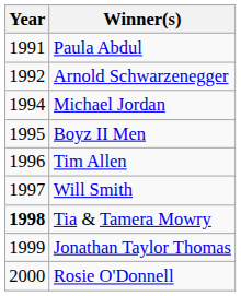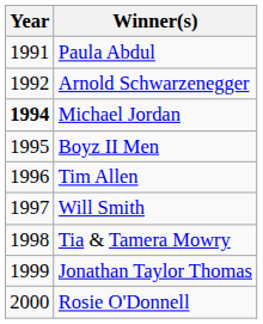 <table class="wikitable">
 <tr>
 <th>Year</th>
 <th>Winner(s)</th>
 </tr>
 <tr>
 <td>1991</td>
 <td><a href='#'>Paula Abdul</a></td>
 </tr>
 <tr>
 <td>1992</td>
 <td><a href='#'>Arnold Schwarzenegger</a></td>
 </tr>
 <tr>
-<td>1994</td>
+<td><strong>1994</strong></td>
 <td><a href='#'>Michael Jordan</a></td>
 </tr>
 <tr>
 <td>1995</td>
 <td><a href='#'>Boyz II Men</a></td>
 </tr>
 <tr>
 <td>1996</td>
 <td><a href='#'>Tim Allen</a></td>
 </tr>
 <tr>
 <td>1997</td>
 <td><a href='#'>Will Smith</a></td>
 </tr>
 <tr>
-<td><strong>1998</strong></td>
+<td>1998</td>
 <td><a href='#'>Tia</a> & <a href='#'>Tamera Mowry</a></td>
 </tr>
 <tr>
 <td>1999</td>
 <td><a href='#'>Jonathan Taylor Thomas</a></td>
 </tr>
 <tr>
 <td>2000</td>
 <td><a href='#'>Rosie O'Donnell</a></td>
 </tr>
 </table>
